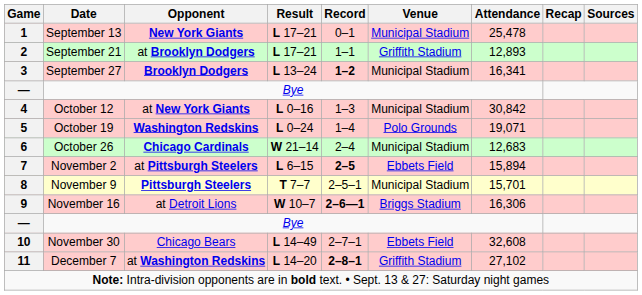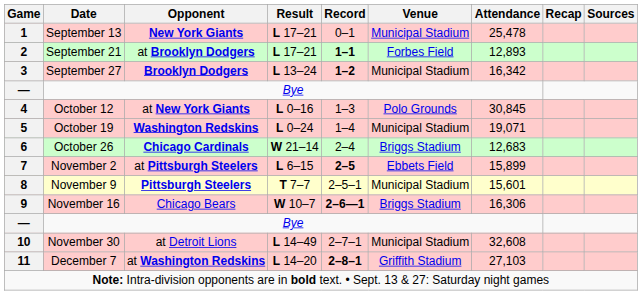 <table class="wikitable" style="text-align:center">
 <tr>
 <th>Game</th>
 <th>Date</th>
 <th>Opponent</th>
 <th>Result</th>
 <th>Record</th>
 <th>Venue</th>
 <th>Attendance</th>
 <th>Recap</th>
 <th>Sources</th>
 </tr>
 <tr style="background:#fcc">
 <th>1</th>
 <td>September 13</td>
 <td><strong><a href='#'>New York Giants</a></strong></td>
 <td><strong>L</strong> 17–21</td>
 <td>0–1</td>
 <td><a href='#'>Municipal Stadium</a></td>
 <td>25,478</td>
 <td></td>
 <td></td>
 </tr>
 <tr style="background:#cfc">
 <th>2</th>
 <td>September 21</td>
 <td>at <strong><a href='#'>Brooklyn Dodgers</a></strong></td>
 <td><strong>L</strong> 17–21</td>
-<td>1–1</td>
-<td><a href='#'>Griffith Stadium</a></td>
+<td><strong>1–1</strong></td>
+<td><a href='#'>Forbes Field</a></td>
 <td>12,893</td>
 <td></td>
 <td></td>
 </tr>
 <tr style="background:#fcc">
 <th>3</th>
 <td>September 27</td>
 <td><strong><a href='#'>Brooklyn Dodgers</a></strong></td>
 <td><strong>L</strong> 13–24</td>
 <td><strong>1–2</strong></td>
 <td>Municipal Stadium</td>
-<td>16,341</td>
+<td>16,342</td>
 <td></td>
 <td></td>
 </tr>
 <tr>
 <th>—</th>
 <td colspan="6"><em><a href='#'>Bye</a></em></td>
 </tr>
 <tr style="background:#fcc">
 <th>4</th>
 <td>October 12</td>
 <td>at <strong><a href='#'>New York Giants</a></strong></td>
 <td><strong>L</strong> 0–16</td>
 <td>1–3</td>
-<td>Municipal Stadium</td>
-<td>30,842</td>
+<td><a href='#'>Polo Grounds</a></td>
+<td>30,845</td>
 <td></td>
 <td></td>
 </tr>
 <tr style="background:#fcc">
 <th>5</th>
 <td>October 19</td>
 <td><strong><a href='#'>Washington Redskins</a></strong></td>
 <td><strong>L</strong> 0–24</td>
 <td>1–4</td>
-<td><a href='#'>Polo Grounds</a></td>
+<td>Municipal Stadium</td>
 <td>19,071</td>
 <td></td>
 <td></td>
 </tr>
 <tr style="background:#cfc">
 <th>6</th>
 <td>October 26</td>
 <td><strong><a href='#'>Chicago Cardinals</a></strong></td>
 <td><strong>W</strong> 21–14</td>
 <td>2–4</td>
-<td>Municipal Stadium</td>
+<td><a href='#'>Briggs Stadium</a></td>
 <td>12,683</td>
 <td></td>
 <td></td>
 </tr>
 <tr style="background:#fcc">
 <th>7</th>
 <td>November 2</td>
 <td>at <strong><a href='#'>Pittsburgh Steelers</a></strong></td>
 <td><strong>L</strong> 6–15</td>
 <td><strong>2–5</strong></td>
 <td><a href='#'>Ebbets Field</a></td>
-<td>15,894</td>
+<td>15,899</td>
 <td></td>
 <td></td>
 </tr>
 <tr style="background:#ffc">
 <th>8</th>
 <td>November 9</td>
 <td><strong><a href='#'>Pittsburgh Steelers</a></strong></td>
 <td><strong>T</strong> 7–7</td>
 <td>2–5–1</td>
 <td>Municipal Stadium</td>
-<td>15,701</td>
+<td>15,601</td>
 <td></td>
 <td></td>
 </tr>
 <tr style="background:#fcc">
 <th>9</th>
 <td>November 16</td>
-<td>at <a href='#'>Detroit Lions</a></td>
+<td><a href='#'>Chicago Bears</a></td>
 <td><strong>W</strong> 10–7</td>
 <td><strong>2–6—1</strong></td>
 <td><a href='#'>Briggs Stadium</a></td>
 <td>16,306</td>
 <td></td>
 <td></td>
 </tr>
 <tr>
 <th>—</th>
 <td colspan="6"><em><a href='#'>Bye</a></em></td>
 </tr>
 <tr style="background:#fcc">
 <th>10</th>
 <td>November 30</td>
-<td><a href='#'>Chicago Bears</a></td>
+<td>at <a href='#'>Detroit Lions</a></td>
 <td><strong>L</strong> 14–49</td>
 <td>2–7–1</td>
-<td><a href='#'>Ebbets Field</a></td>
+<td>Municipal Stadium</td>
 <td>32,608</td>
 <td></td>
 <td></td>
 </tr>
 <tr style="background:#fcc">
 <th>11</th>
 <td>December 7</td>
 <td>at <strong><a href='#'>Washington Redskins</a></strong></td>
 <td><strong>L</strong> 14–20</td>
 <td><strong>2–8–1</strong></td>
 <td><a href='#'>Griffith Stadium</a></td>
-<td>27,102</td>
+<td>27,103</td>
 <td></td>
 <td></td>
 </tr>
 <tr>
 <td colspan="10"><strong>Note:</strong> Intra-division opponents are in <strong>bold</strong> text. •  Sept. 13 & 27: Saturday night games</td>
 </tr>
 </table>
